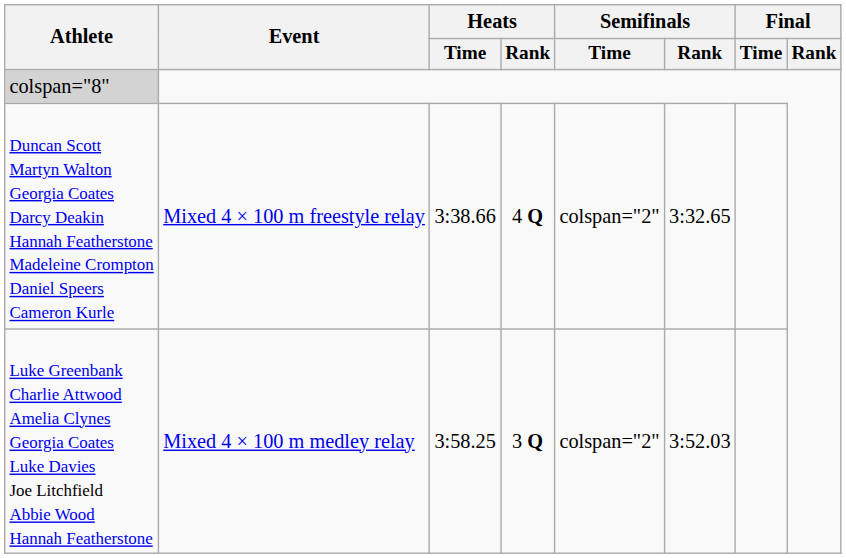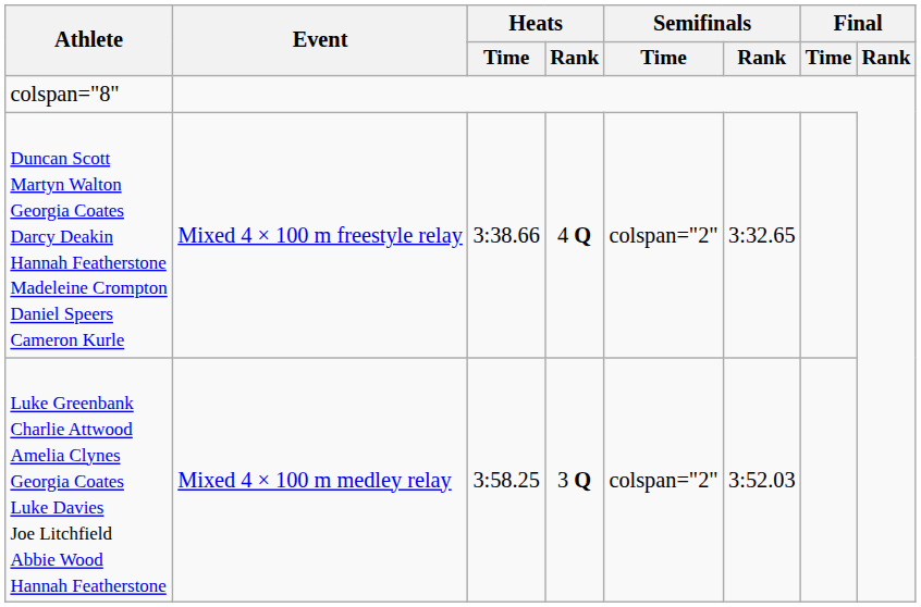 <table class="wikitable" style="font-size:90%">
 <tr>
 <th rowspan=2>Athlete</th>
 <th rowspan=2>Event</th>
 <th colspan=2>Heats</th>
 <th colspan=2>Semifinals</th>
 <th colspan=2>Final</th>
 </tr>
 <tr style="font-size:95%">
 <th>Time</th>
 <th>Rank</th>
 <th>Time</th>
 <th>Rank</th>
 <th>Time</th>
 <th>Rank</th>
 </tr>
 <tr align="left">
-<td style="background: lightgrey;">colspan="8" </td>
+<td>colspan="8" </td>
 </tr>
 <tr align=center>
 <td align=left> <br> <small> <a href='#'>Duncan Scott</a><br><a href='#'>Martyn Walton</a><br><a href='#'>Georgia Coates</a><br><a href='#'>Darcy Deakin</a><br><a href='#'>Hannah Featherstone</a><br><a href='#'>Madeleine Crompton</a><br><a href='#'>Daniel Speers</a><br><a href='#'>Cameron Kurle</a></small></td>
 <td align=left><a href='#'>Mixed 4 × 100 m freestyle relay</a></td>
 <td>3:38.66</td>
 <td>4 <strong>Q</strong></td>
 <td>colspan="2" </td>
 <td>3:32.65</td>
 <td></td>
 </tr>
 <tr align=center>
 <td align=left> <br> <small> <a href='#'>Luke Greenbank</a><br><a href='#'>Charlie Attwood</a><br><a href='#'>Amelia Clynes</a><br><a href='#'>Georgia Coates</a><br><a href='#'>Luke Davies</a><br>Joe Litchfield<br><a href='#'>Abbie Wood</a><br><a href='#'>Hannah Featherstone</a><br></small></td>
 <td align=left><a href='#'>Mixed 4 × 100 m medley relay</a></td>
 <td>3:58.25</td>
 <td>3 <strong>Q</strong></td>
 <td>colspan="2" </td>
 <td>3:52.03</td>
 <td></td>
 </tr>
 </table>
